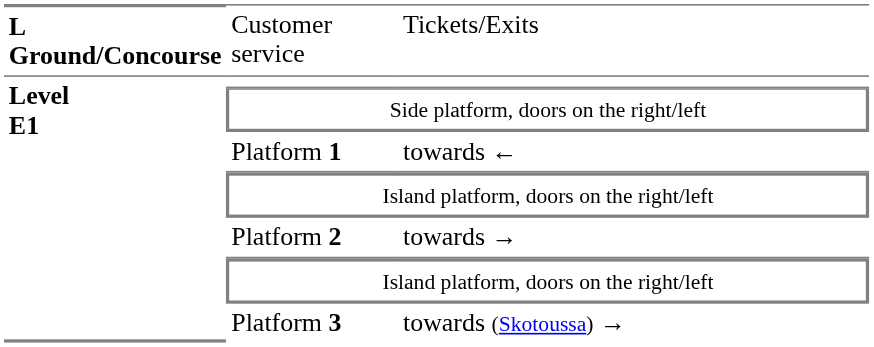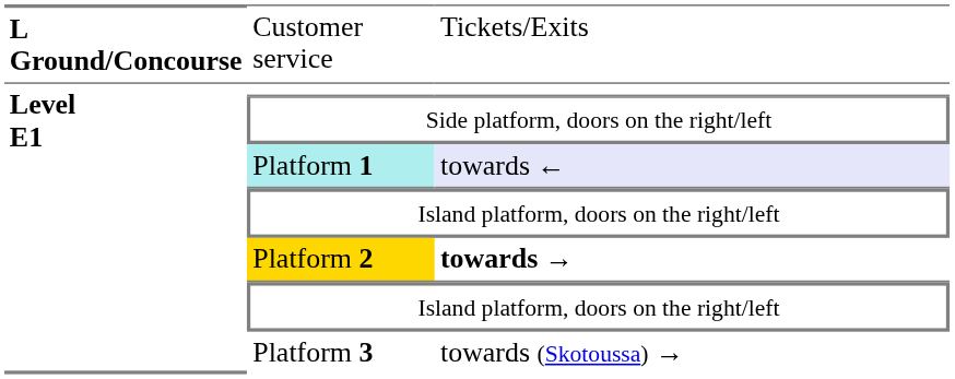 <table border=0 cellspacing=0 cellpadding=3>
 <tr>
 <td style="border-bottom:solid 1px gray;border-top:solid 2px gray;" width=50 valign=top><strong>L<br>Ground/Concourse</strong></td>
 <td style="border-top:solid 1px gray;border-bottom:solid 1px gray;" width=100 valign=top>Customer service</td>
 <td style="border-top:solid 1px gray;border-bottom:solid 1px gray;" width=285 valign=top>Tickets/Exits</td>
 </tr>
 <tr>
 <td style="border-bottom:solid 2px gray;" rowspan=15 valign=top><strong>Level<br>Ε1</strong></td>
 <td style="border-bottom:solid 1px gray;"></td>
 <td style="border-bottom:solid 1px gray;"></td>
 </tr>
 <tr>
 <td style="border-top:solid 1px gray;border-right:solid 2px gray;border-left:solid 2px gray;border-bottom:solid 2px gray;text-align:center;" colspan=2><small>Side platform, doors on the right/left</small></td>
 </tr>
 <tr>
-<td style="border-bottom:solid 1px gray;">Platform <span><strong>1</strong></span></td>
-<td style="border-bottom:solid 1px gray;"> towards  <small></small> ←</td>
+<td style="background: paleturquoise; border-bottom:solid 1px gray;">Platform <span><strong>1</strong></span></td>
+<td style="background: lavender; border-bottom:solid 1px gray;"> towards  <small></small> ←</td>
 </tr>
 <tr>
 <td style="border-top:solid 2px gray;border-right:solid 2px gray;border-left:solid 2px gray;border-bottom:solid 2px gray;text-align:center;" colspan=2><small>Island platform, doors on the right/left</small></td>
 </tr>
 <tr>
-<td style="border-bottom:solid 1px gray;">Platform <span><strong>2</strong></span></td>
-<td style="border-bottom:solid 1px gray;"> towards  <small></small> →</td>
+<td style="background: gold; border-bottom:solid 1px gray;">Platform <span><strong>2</strong></span></td>
+<td style="border-bottom:solid 1px gray;"><strong> towards  <small></small> →</strong></td>
 </tr>
 <tr>
 <td style="border-top:solid 2px gray;border-right:solid 2px gray;border-left:solid 2px gray;border-bottom:solid 2px gray;text-align:center;" colspan=2><small>Island platform, doors on the right/left</small></td>
 </tr>
 <tr>
 <td>Platform <span><strong>3</strong></span></td>
 <td> towards  <small>(<a href='#'>Skotoussa</a>)</small> →</td>
 </tr>
 <tr>
 </tr>
 </table>
